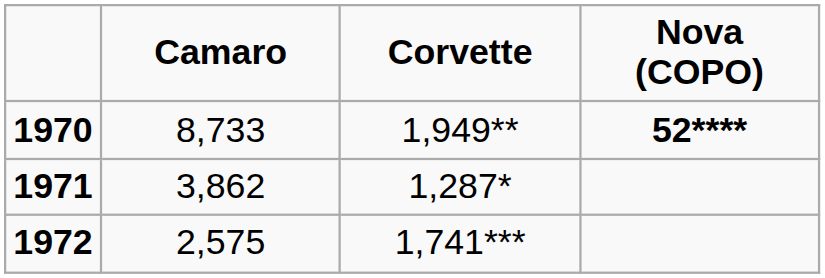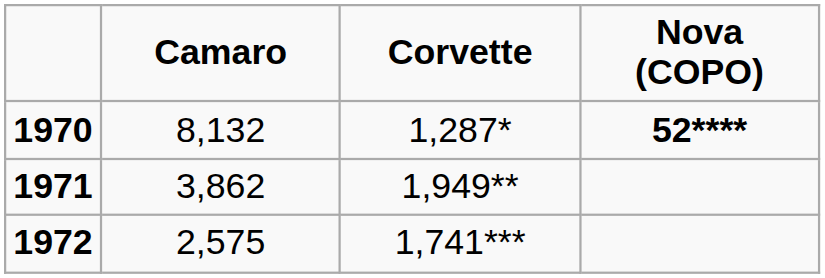 <table class="wikitable" style="text-align: center">
 <tr>
 <td></td>
 <td scope="col" style="width: 100px;"><strong>Camaro</strong></td>
 <td scope="col" style="width: 100px;"><strong>Corvette</strong></td>
 <td scope="col" style="width: 100px;"><strong>Nova (COPO)</strong></td>
 </tr>
 <tr>
 <td><strong>1970</strong></td>
-<td>8,733</td>
-<td>1,949**</td>
+<td>8,132</td>
+<td>1,287*</td>
 <td><strong>52****</strong></td>
 </tr>
 <tr>
 <td><strong>1971</strong></td>
 <td>3,862</td>
-<td>1,287*</td>
+<td>1,949**</td>
 <td></td>
 </tr>
 <tr>
 <td><strong>1972</strong></td>
 <td>2,575</td>
 <td>1,741***</td>
 <td></td>
 </tr>
 </table>
